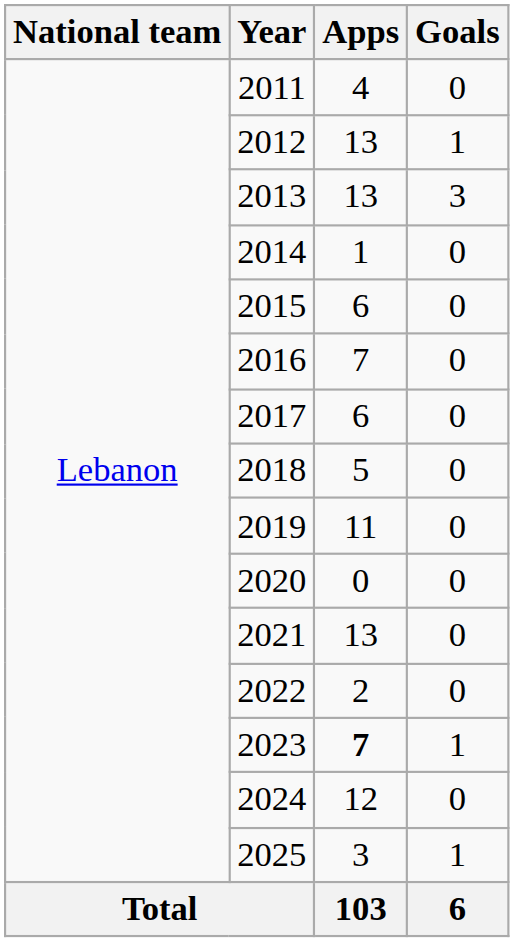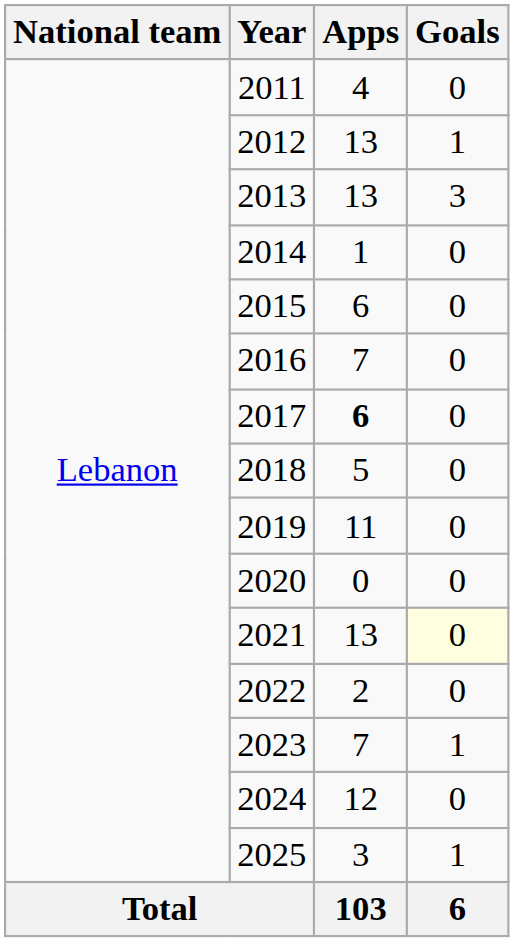 <table class="wikitable" style="text-align:center">
 <tr>
 <th>National team</th>
 <th>Year</th>
 <th>Apps</th>
 <th>Goals</th>
 </tr>
 <tr>
 <td rowspan="15"><a href='#'>Lebanon</a></td>
 <td>2011</td>
 <td>4</td>
 <td>0</td>
 </tr>
 <tr>
 <td>2012</td>
 <td>13</td>
 <td>1</td>
 </tr>
 <tr>
 <td>2013</td>
 <td>13</td>
 <td>3</td>
 </tr>
 <tr>
 <td>2014</td>
 <td>1</td>
 <td>0</td>
 </tr>
 <tr>
 <td>2015</td>
 <td>6</td>
 <td>0</td>
 </tr>
 <tr>
 <td>2016</td>
 <td>7</td>
 <td>0</td>
 </tr>
 <tr>
 <td>2017</td>
-<td>6</td>
+<td><strong>6</strong></td>
 <td>0</td>
 </tr>
 <tr>
 <td>2018</td>
 <td>5</td>
 <td>0</td>
 </tr>
 <tr>
 <td>2019</td>
 <td>11</td>
 <td>0</td>
 </tr>
 <tr>
 <td>2020</td>
 <td>0</td>
 <td>0</td>
 </tr>
 <tr>
 <td>2021</td>
 <td>13</td>
-<td>0</td>
+<td style="background: lightyellow;">0</td>
 </tr>
 <tr>
 <td>2022</td>
 <td>2</td>
 <td>0</td>
 </tr>
 <tr>
 <td>2023</td>
-<td><strong>7</strong></td>
+<td>7</td>
 <td>1</td>
 </tr>
 <tr>
 <td>2024</td>
 <td>12</td>
 <td>0</td>
 </tr>
 <tr>
 <td>2025</td>
 <td>3</td>
 <td>1</td>
 </tr>
 <tr>
 <th colspan="2">Total</th>
 <th>103</th>
 <th>6</th>
 </tr>
 </table>
